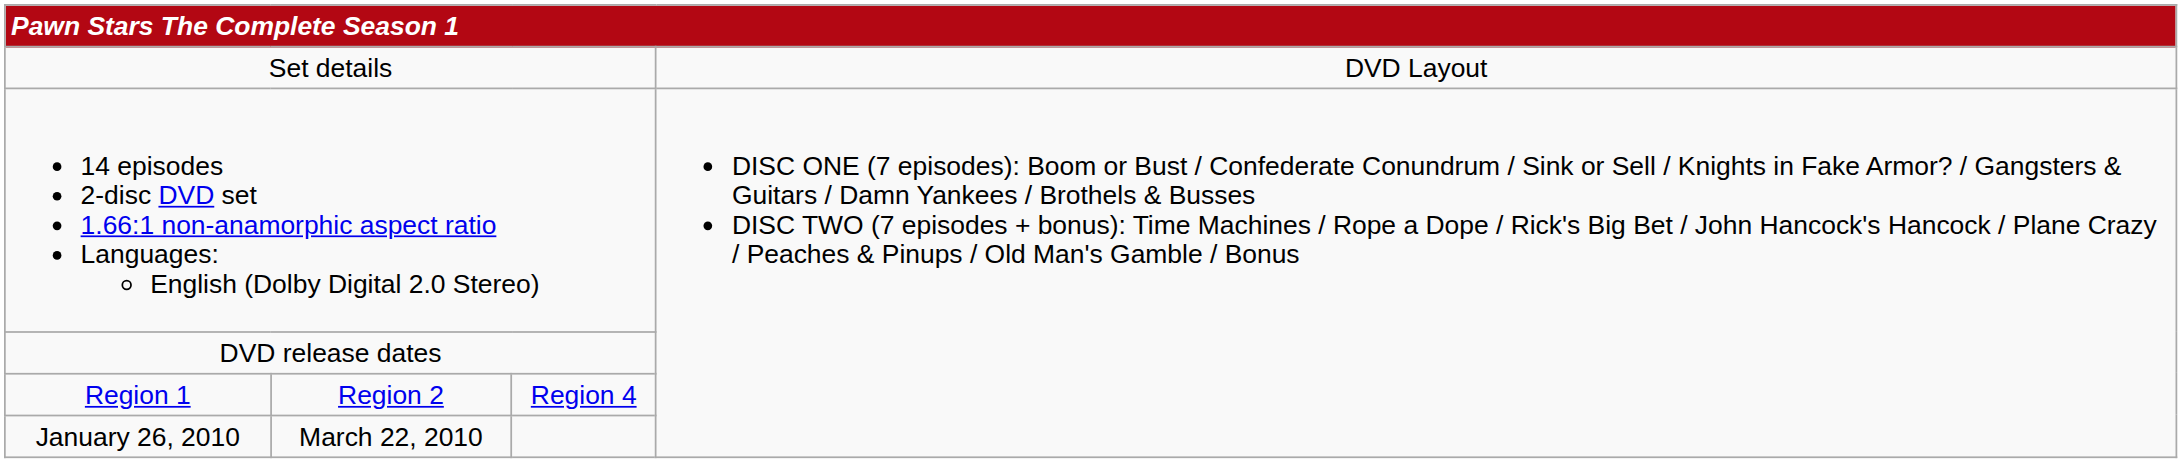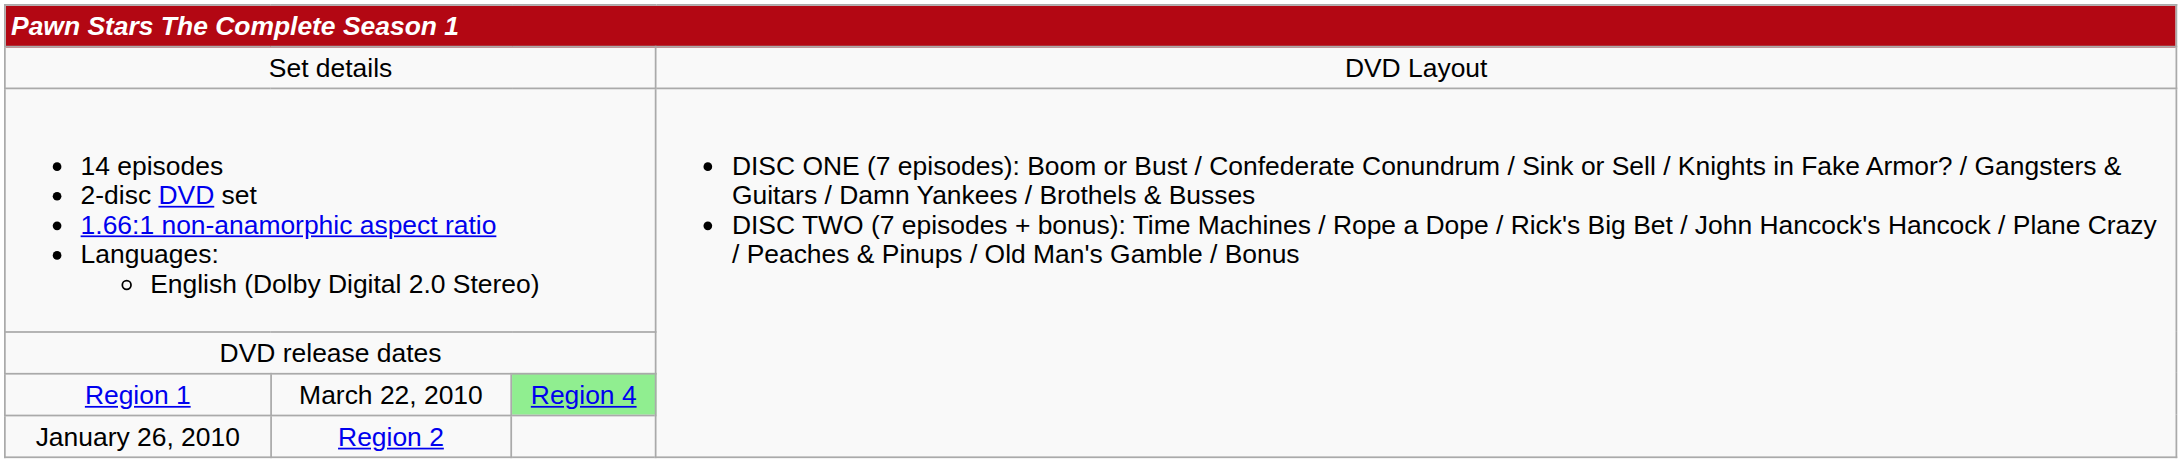 <table class="wikitable" style="font-size: 95%;">
 <tr>
 <td colspan="5" style="background-color: #B30713; color:#fff;"><strong><em>Pawn Stars<em> The Complete Season 1<strong></td>
 </tr>
 <tr valign="top">
 <td align="center" width="30%" colspan="3"></strong>Set details<strong></td>
 <td width="70%" align="center"></strong>DVD Layout<strong></td>
 </tr>
 <tr valign="top">
 <td colspan="3" align="left" width="30%"><br><ul><li>14 episodes</li><li>2-disc <a href='#'>DVD</a> set</li><li><a href='#'>1.66:1 non-anamorphic aspect ratio</a></li><li>Languages:<ul><li>English (Dolby Digital 2.0 Stereo)</li></ul></li></ul></td>
 <td rowspan="4" align="left" width="70%"><br><ul><li>DISC ONE (7 episodes): Boom or Bust / Confederate Conundrum / Sink or Sell / Knights in Fake Armor? / Gangsters & Guitars / Damn Yankees / Brothels & Busses</li><li>DISC TWO (7 episodes + bonus): Time Machines / Rope a Dope / Rick's Big Bet / John Hancock's Hancock / Plane Crazy / Peaches & Pinups / Old Man's Gamble / Bonus</li></ul></td>
 </tr>
 <tr>
 <td colspan="3" align="center"></strong>DVD release dates<strong></td>
 </tr>
 <tr>
 <td align="center"><a href='#'>Region 1</a></td>
-<td align="center"><a href='#'>Region 2</a></td>
-<td align="center"><a href='#'>Region 4</a></td>
+<td align="center">March 22, 2010</td>
+<td align="center" style="background: lightgreen;"><a href='#'>Region 4</a></td>
 </tr>
 <tr>
 <td align="center">January 26, 2010</td>
-<td align="center">March 22, 2010</td>
+<td align="center"><a href='#'>Region 2</a></td>
 <td></td>
 </tr>
 </table>
